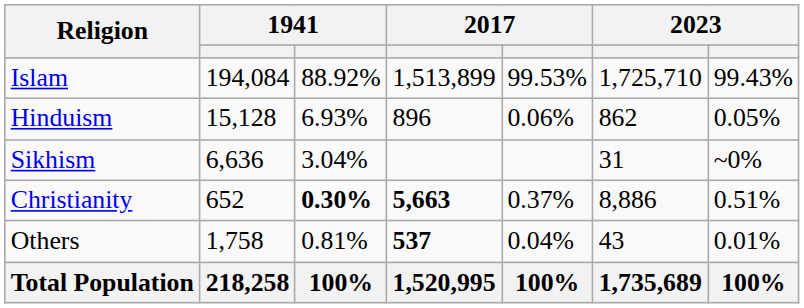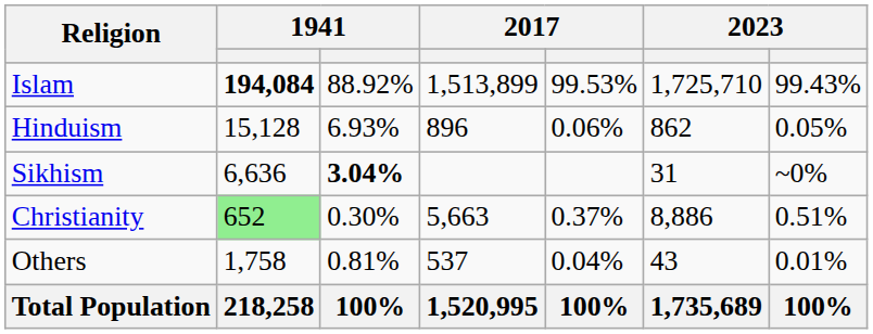 <table class="wikitable sortable">
 <tr>
 <th rowspan="2">Religion</th>
 <th colspan="2">1941</th>
 <th colspan="2">2017</th>
 <th colspan="2">2023</th>
 </tr>
 <tr>
 <th></th>
 <th></th>
 <th></th>
 <th></th>
 <th></th>
 <th></th>
 </tr>
 <tr>
 <td><a href='#'>Islam</a> </td>
-<td>194,084</td>
+<td><strong>194,084</strong></td>
 <td>88.92%</td>
 <td>1,513,899</td>
 <td>99.53%</td>
 <td>1,725,710</td>
 <td>99.43%</td>
 </tr>
 <tr>
 <td><a href='#'>Hinduism</a> </td>
 <td>15,128</td>
 <td>6.93%</td>
 <td>896</td>
 <td>0.06%</td>
 <td>862</td>
 <td>0.05%</td>
 </tr>
 <tr>
 <td><a href='#'>Sikhism</a> </td>
 <td>6,636</td>
-<td>3.04%</td>
+<td><strong>3.04%</strong></td>
 <td></td>
 <td></td>
 <td>31</td>
 <td>~0%</td>
 </tr>
 <tr>
 <td><a href='#'>Christianity</a> </td>
-<td>652</td>
-<td><strong>0.30%</strong></td>
-<td><strong>5,663</strong></td>
+<td style="background: lightgreen;">652</td>
+<td>0.30%</td>
+<td>5,663</td>
 <td>0.37%</td>
 <td>8,886</td>
 <td>0.51%</td>
 </tr>
 <tr>
 <td>Others</td>
 <td>1,758</td>
 <td>0.81%</td>
-<td><strong>537</strong></td>
+<td>537</td>
 <td>0.04%</td>
 <td>43</td>
 <td>0.01%</td>
 </tr>
 <tr>
 <th>Total Population</th>
 <th>218,258</th>
 <th>100%</th>
 <th>1,520,995</th>
 <th>100%</th>
 <th>1,735,689</th>
 <th>100%</th>
 </tr>
 </table>
